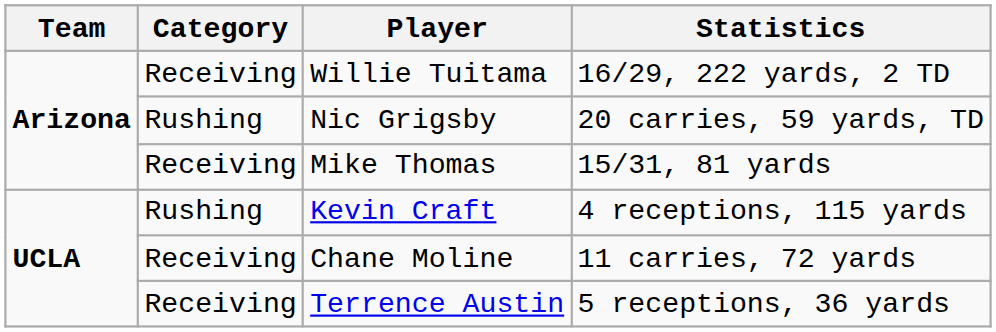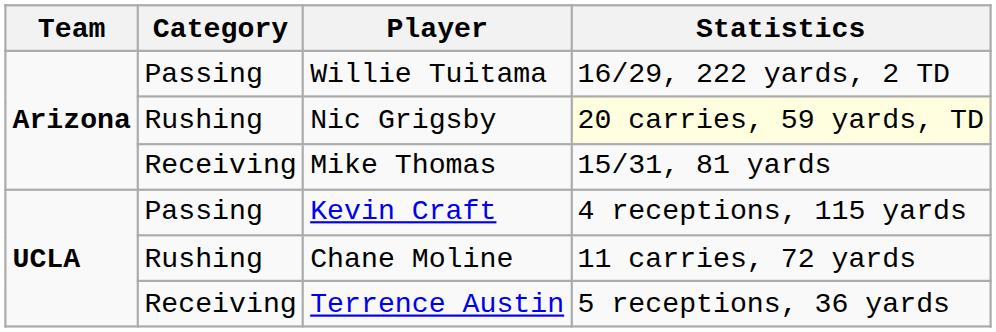 <table class="wikitable" style="float: right;">
 <tr>
 <th>Team</th>
 <th>Category</th>
 <th>Player</th>
 <th>Statistics</th>
 </tr>
 <tr>
 <td rowspan=3><strong>Arizona</strong></td>
-<td>Receiving</td>
+<td>Passing</td>
 <td>Willie Tuitama</td>
 <td>16/29, 222 yards, 2 TD</td>
 </tr>
 <tr>
 <td>Rushing</td>
 <td>Nic Grigsby</td>
-<td>20 carries, 59 yards, TD</td>
+<td style="background: lightyellow;">20 carries, 59 yards, TD</td>
 </tr>
 <tr>
 <td>Receiving</td>
 <td>Mike Thomas</td>
 <td>15/31, 81 yards</td>
 </tr>
 <tr>
 <td rowspan=3><strong>UCLA</strong></td>
-<td>Rushing</td>
+<td>Passing</td>
 <td><a href='#'>Kevin Craft</a></td>
 <td>4 receptions, 115 yards</td>
 </tr>
 <tr>
-<td>Receiving</td>
+<td>Rushing</td>
 <td>Chane Moline</td>
 <td>11 carries, 72 yards</td>
 </tr>
 <tr>
 <td>Receiving</td>
 <td><a href='#'>Terrence Austin</a></td>
 <td>5 receptions, 36 yards</td>
 </tr>
 </table>
